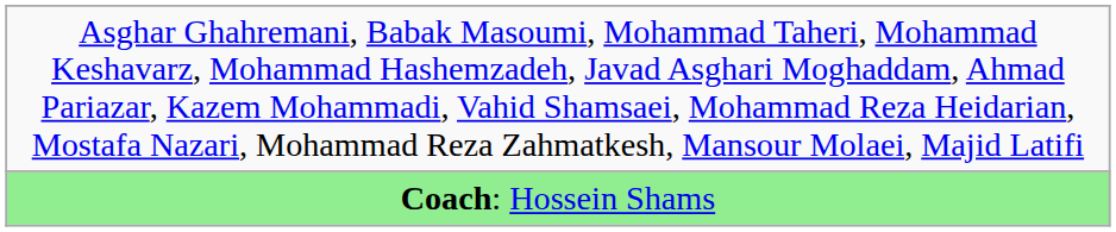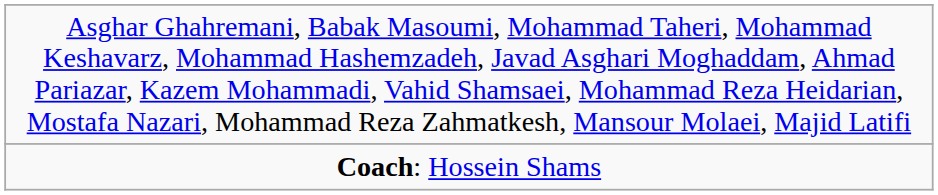 <table class="wikitable" style="text-align:center; width:33em; margin:0.5em auto;">
 <tr>
 <td><a href='#'>Asghar Ghahremani</a>, <a href='#'>Babak Masoumi</a>, <a href='#'>Mohammad Taheri</a>, <a href='#'>Mohammad Keshavarz</a>, <a href='#'>Mohammad Hashemzadeh</a>, <a href='#'>Javad Asghari Moghaddam</a>, <a href='#'>Ahmad Pariazar</a>, <a href='#'>Kazem Mohammadi</a>, <a href='#'>Vahid Shamsaei</a>, <a href='#'>Mohammad Reza Heidarian</a>, <a href='#'>Mostafa Nazari</a>, Mohammad Reza Zahmatkesh, <a href='#'>Mansour Molaei</a>, <a href='#'>Majid Latifi</a></td>
 </tr>
 <tr>
-<td style="background: lightgreen;"><strong>Coach</strong>:  <a href='#'>Hossein Shams</a></td>
+<td><strong>Coach</strong>:  <a href='#'>Hossein Shams</a></td>
 </tr>
 </table>
